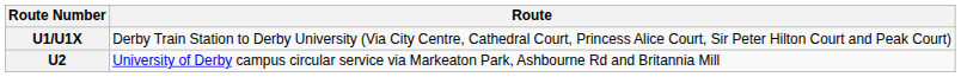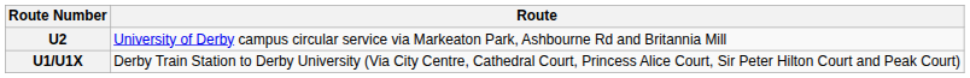 <table class="wikitable sortable">
 <tr>
 <th>Route Number</th>
 <th>Route</th>
 </tr>
 <tr>
+<th style="background: hot pink">U2</th>
+<td><a href='#'>University of Derby</a> campus circular service via Markeaton Park, Ashbourne Rd and Britannia Mill</td>
+</tr>
+<tr>
 <th style="background: hot pink">U1/U1X</th>
 <td>Derby Train Station to Derby University (Via City Centre, Cathedral Court, Princess Alice Court, Sir Peter Hilton Court and Peak Court)</td>
 </tr>
-<tr>
-<th style="background: hot pink">U2</th>
-<td><a href='#'>University of Derby</a> campus circular service via Markeaton Park, Ashbourne Rd and Britannia Mill</td>
-</tr>
 </table>
